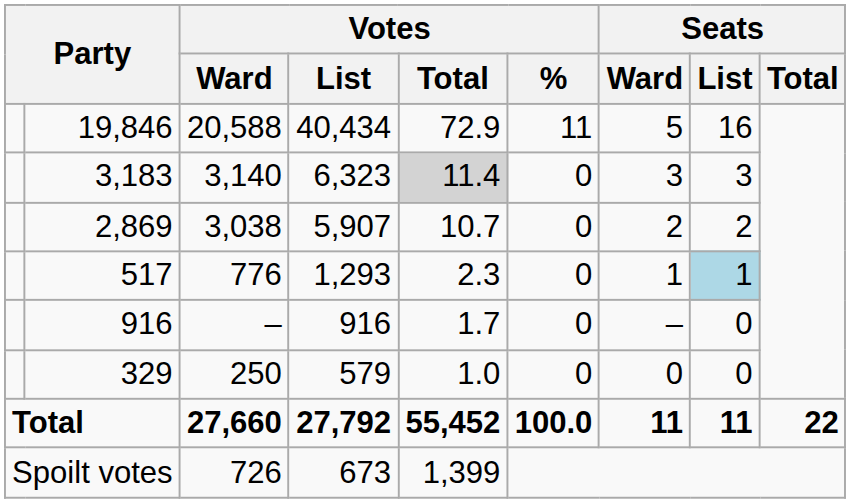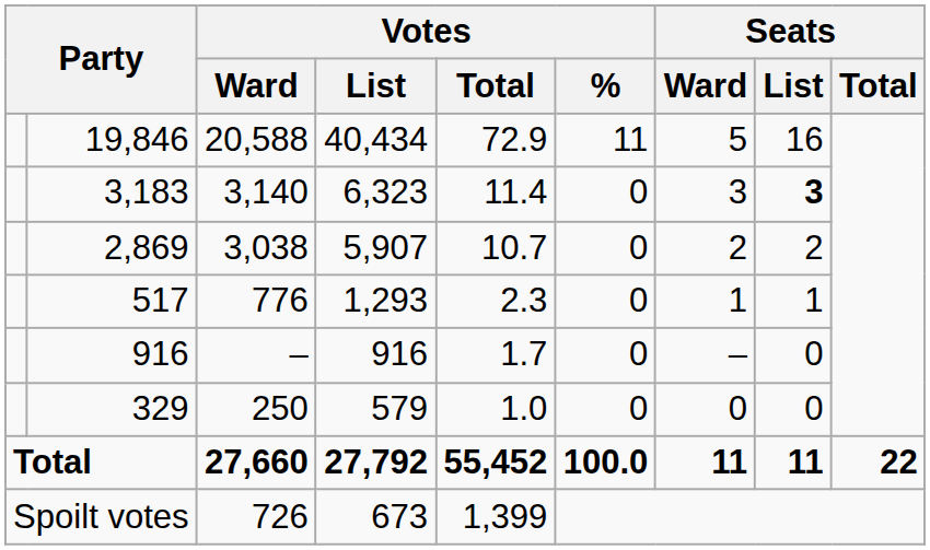 <table class=wikitable style="text-align:right">
 <tr>
 <th rowspan="2" colspan="2">Party</th>
 <th colspan="4" align="center">Votes</th>
 <th colspan="3" align="center">Seats</th>
 </tr>
 <tr>
 <th>Ward</th>
 <th>List</th>
 <th>Total</th>
 <th>%</th>
 <th>Ward</th>
 <th>List</th>
 <th>Total</th>
 </tr>
 <tr>
 <td></td>
 <td>19,846</td>
 <td>20,588</td>
 <td>40,434</td>
 <td>72.9</td>
 <td>11</td>
 <td>5</td>
 <td>16</td>
 </tr>
 <tr>
 <td></td>
 <td>3,183</td>
 <td>3,140</td>
 <td>6,323</td>
-<td style="background: lightgrey;">11.4</td>
+<td>11.4</td>
 <td>0</td>
 <td>3</td>
-<td>3</td>
+<td><strong>3</strong></td>
 </tr>
 <tr>
 <td></td>
 <td>2,869</td>
 <td>3,038</td>
 <td>5,907</td>
 <td>10.7</td>
 <td>0</td>
 <td>2</td>
 <td>2</td>
 </tr>
 <tr>
 <td></td>
 <td>517</td>
 <td>776</td>
 <td>1,293</td>
 <td>2.3</td>
 <td>0</td>
 <td>1</td>
-<td style="background: lightblue;">1</td>
+<td>1</td>
 </tr>
 <tr>
 <td></td>
 <td>916</td>
 <td>–</td>
 <td>916</td>
 <td>1.7</td>
 <td>0</td>
 <td>–</td>
 <td>0</td>
 </tr>
 <tr>
 <td></td>
 <td>329</td>
 <td>250</td>
 <td>579</td>
 <td>1.0</td>
 <td>0</td>
 <td>0</td>
 <td>0</td>
 </tr>
 <tr>
 <td colspan="2" style="text-align:left"><strong>Total</strong></td>
 <td><strong>27,660</strong></td>
 <td><strong>27,792</strong></td>
 <td><strong>55,452</strong></td>
 <td><strong>100.0</strong></td>
 <td><strong>11</strong></td>
 <td><strong>11</strong></td>
 <td><strong>22</strong></td>
 </tr>
 <tr>
 <td colspan="2" style="text-align:left">Spoilt votes</td>
 <td>726</td>
 <td>673</td>
 <td>1,399</td>
 </tr>
 </table>
